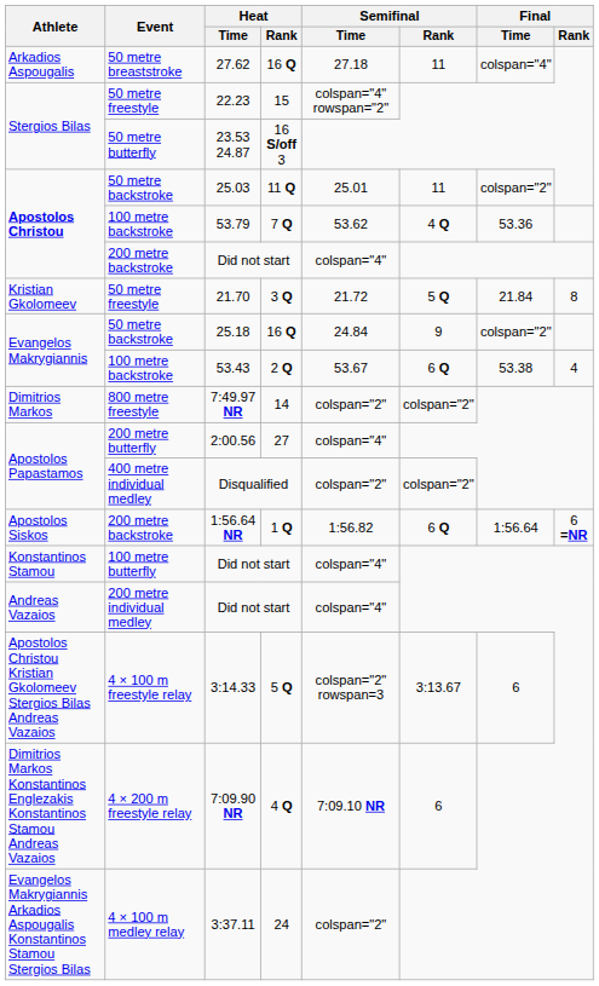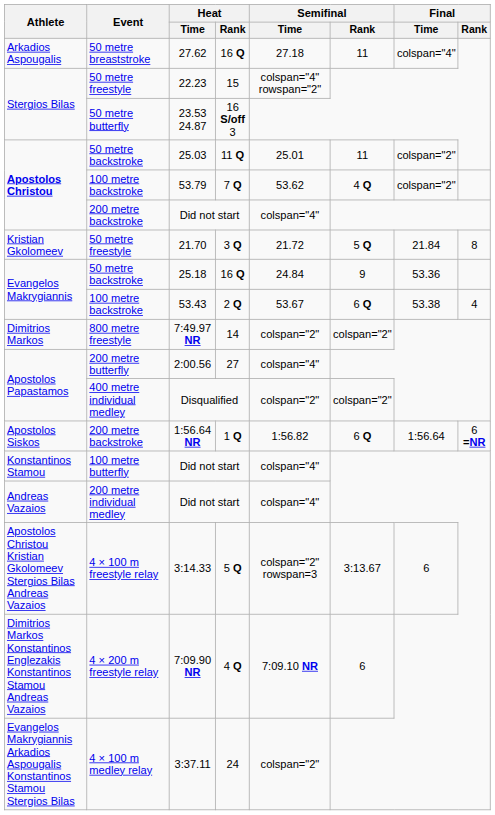 <table class="wikitable" style="text-align:center; font-size:90%; width:50%;">
 <tr>
 <th rowspan="2">Athlete</th>
 <th rowspan="2">Event</th>
 <th colspan="2">Heat</th>
 <th colspan="2">Semifinal</th>
 <th colspan="2">Final</th>
 </tr>
 <tr style="font-size:95%">
 <th>Time</th>
 <th>Rank</th>
 <th>Time</th>
 <th>Rank</th>
 <th>Time</th>
 <th>Rank</th>
 </tr>
 <tr align=center>
 <td align=left><a href='#'>Arkadios Aspougalis</a></td>
 <td align=left><a href='#'>50 metre breaststroke</a></td>
 <td>27.62</td>
 <td>16 <strong>Q</strong></td>
 <td>27.18</td>
 <td>11</td>
 <td>colspan="4" </td>
 </tr>
 <tr align=center>
 <td align=left rowspan="2"><a href='#'>Stergios Bilas</a></td>
 <td align=left><a href='#'>50 metre freestyle</a></td>
 <td>22.23</td>
 <td>15</td>
 <td>colspan="4" rowspan="2" </td>
 </tr>
 <tr align=center>
 <td align=left><a href='#'>50 metre butterfly</a></td>
 <td>23.53<br>24.87</td>
 <td>16 <strong>S/off</strong><br>3</td>
 </tr>
 <tr align=center>
 <td align=left rowspan="3"><strong><a href='#'>Apostolos Christou</a></strong></td>
 <td align=left><a href='#'>50 metre backstroke</a></td>
 <td>25.03</td>
 <td>11 <strong>Q</strong></td>
 <td>25.01</td>
 <td>11</td>
 <td>colspan="2" </td>
 </tr>
 <tr align=center>
 <td align=left><a href='#'>100 metre backstroke</a></td>
 <td>53.79</td>
 <td>7 <strong>Q</strong></td>
 <td>53.62</td>
 <td>4 <strong>Q</strong></td>
-<td>53.36</td>
+<td>colspan="2"  </td>
 <td></td>
 </tr>
 <tr align=center>
 <td align=left><a href='#'>200 metre backstroke</a></td>
 <td colspan="2">Did not start</td>
 <td>colspan="4" </td>
 </tr>
 <tr align=center>
 <td align=left><a href='#'>Kristian Gkolomeev</a></td>
 <td align=left><a href='#'>50 metre freestyle</a></td>
 <td>21.70</td>
 <td>3 <strong>Q</strong></td>
 <td>21.72</td>
 <td>5 <strong>Q</strong></td>
 <td>21.84</td>
 <td>8</td>
 </tr>
 <tr align=center>
 <td align=left rowspan="2"><a href='#'>Evangelos Makrygiannis</a></td>
 <td align=left><a href='#'>50 metre backstroke</a></td>
 <td>25.18</td>
 <td>16 <strong>Q</strong></td>
 <td>24.84</td>
 <td>9</td>
-<td>colspan="2"  </td>
+<td>53.36</td>
 </tr>
 <tr align=center>
 <td align=left><a href='#'>100 metre backstroke</a></td>
 <td>53.43</td>
 <td>2 <strong>Q</strong></td>
 <td>53.67</td>
 <td>6 <strong>Q</strong></td>
 <td>53.38</td>
 <td>4</td>
 </tr>
 <tr align=center>
 <td align=left><a href='#'>Dimitrios Markos</a></td>
 <td align=left><a href='#'>800 metre freestyle</a></td>
 <td>7:49.97 <strong><a href='#'>NR</a></strong></td>
 <td>14</td>
 <td>colspan="2"  </td>
 <td>colspan="2"  </td>
 </tr>
 <tr align=center>
 <td align=left rowspan="2"><a href='#'>Apostolos Papastamos</a></td>
 <td align=left><a href='#'>200 metre butterfly</a></td>
 <td>2:00.56</td>
 <td>27</td>
 <td>colspan="4"  </td>
 </tr>
 <tr align=center>
 <td align=left><a href='#'>400 metre individual medley</a></td>
 <td colspan="2">Disqualified</td>
 <td>colspan="2"  </td>
 <td>colspan="2" </td>
 </tr>
 <tr align=center>
 <td align=left><a href='#'>Apostolos Siskos</a></td>
 <td align=left><a href='#'>200 metre backstroke</a></td>
 <td>1:56.64 <strong><a href='#'>NR</a></strong></td>
 <td>1 <strong>Q</strong></td>
 <td>1:56.82</td>
 <td>6 <strong>Q</strong></td>
 <td>1:56.64</td>
 <td>6 <strong>=<a href='#'>NR</a></strong></td>
 </tr>
 <tr align=center>
 <td align=left><a href='#'>Konstantinos Stamou</a></td>
 <td align=left><a href='#'>100 metre butterfly</a></td>
 <td colspan="2">Did not start</td>
 <td>colspan="4" </td>
 </tr>
 <tr align=center>
 <td align=left><a href='#'>Andreas Vazaios</a></td>
 <td align=left><a href='#'>200 metre individual medley</a></td>
 <td colspan="2">Did not start</td>
 <td>colspan="4" </td>
 </tr>
 <tr>
 <td align=left><a href='#'>Apostolos Christou</a> <br><a href='#'>Kristian Gkolomeev</a> <br><a href='#'>Stergios Bilas</a> <br><a href='#'>Andreas Vazaios</a></td>
 <td align=left><a href='#'>4 × 100 m freestyle relay</a></td>
 <td>3:14.33</td>
 <td>5 <strong>Q</strong></td>
 <td>colspan="2" rowspan=3 </td>
 <td>3:13.67</td>
 <td>6</td>
 </tr>
 <tr>
 <td align=left><a href='#'>Dimitrios Markos</a> <br><a href='#'>Konstantinos Englezakis</a> <br><a href='#'>Konstantinos Stamou</a> <br><a href='#'>Andreas Vazaios</a></td>
 <td align=left><a href='#'>4 × 200 m freestyle relay</a></td>
 <td>7:09.90 <strong><a href='#'>NR</a></strong></td>
 <td>4 <strong>Q</strong></td>
 <td>7:09.10 <strong><a href='#'>NR</a></strong></td>
 <td>6</td>
 </tr>
 <tr>
 <td align=left><a href='#'>Evangelos Makrygiannis</a> <br><a href='#'>Arkadios Aspougalis</a> <br><a href='#'>Konstantinos Stamou</a><br><a href='#'>Stergios Bilas</a></td>
 <td align=left><a href='#'>4 × 100 m medley relay</a></td>
 <td>3:37.11</td>
 <td>24</td>
 <td>colspan="2" </td>
 </tr>
 </table>
